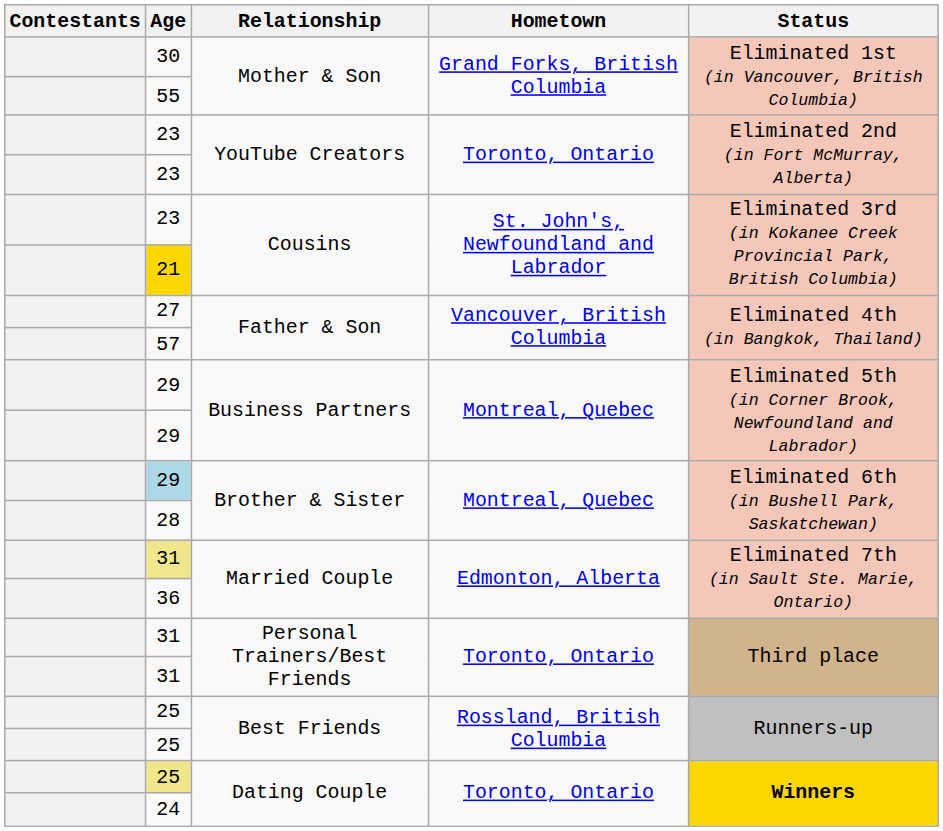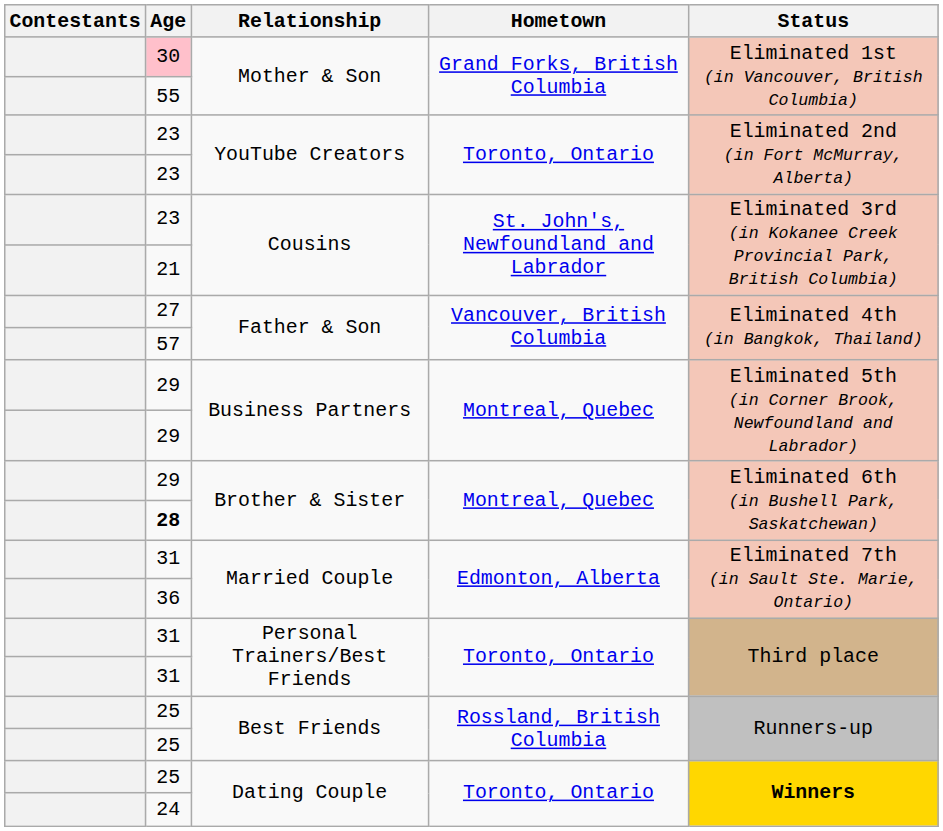 <table class="wikitable sortable" style="text-align:center;">
 <tr>
 <th scope="col">Contestants</th>
 <th scope="col">Age</th>
 <th class="unsortable" scope="col">Relationship</th>
 <th scope="col" class="unsortable">Hometown</th>
 <th scope="col">Status</th>
 </tr>
 <tr>
 <th scope="row"></th>
-<td>30</td>
+<td style="background: pink;">30</td>
 <td rowspan="2">Mother & Son</td>
 <td rowspan="2"><a href='#'>Grand Forks, British Columbia</a></td>
 <td rowspan="2" bgcolor="f4c7b8">Eliminated 1st<br><small><em>(in Vancouver, British Columbia)</em></small></td>
 </tr>
 <tr>
 <th scope="row"></th>
 <td>55</td>
 </tr>
 <tr>
 <th scope="row"></th>
 <td>23</td>
 <td rowspan="2">YouTube Creators</td>
 <td rowspan="2"><a href='#'>Toronto, Ontario</a></td>
 <td rowspan="2" bgcolor="f4c7b8">Eliminated 2nd<br><small><em>(in Fort McMurray, Alberta)</em></small></td>
 </tr>
 <tr>
 <th scope="row"></th>
 <td>23</td>
 </tr>
 <tr>
 <th scope="row"></th>
 <td>23</td>
 <td rowspan="2">Cousins</td>
 <td rowspan="2"><a href='#'>St. John's, Newfoundland and Labrador</a></td>
 <td rowspan="2" bgcolor="f4c7b8">Eliminated 3rd<br><small><em>(in Kokanee Creek Provincial Park,<br>British Columbia)</em></small></td>
 </tr>
 <tr>
 <th scope="row"></th>
-<td style="background: gold;">21</td>
+<td>21</td>
 </tr>
 <tr>
 <th scope="row"></th>
 <td>27</td>
 <td rowspan="2">Father & Son</td>
 <td rowspan="2"><a href='#'>Vancouver, British Columbia</a></td>
 <td rowspan="2" bgcolor="f4c7b8">Eliminated 4th<br><small><em>(in Bangkok, Thailand)</em></small></td>
 </tr>
 <tr>
 <th scope="row"></th>
 <td>57</td>
 </tr>
 <tr>
 <th scope="row"></th>
 <td>29</td>
 <td rowspan="2">Business Partners</td>
 <td rowspan="2"><a href='#'>Montreal, Quebec</a></td>
 <td rowspan="2" bgcolor="f4c7b8">Eliminated 5th<br><small><em>(in Corner Brook, Newfoundland and Labrador)</em></small></td>
 </tr>
 <tr>
 <th scope="row"></th>
 <td>29</td>
 </tr>
 <tr>
 <th scope="row"></th>
-<td style="background: lightblue;">29</td>
+<td>29</td>
 <td rowspan="2">Brother & Sister</td>
 <td rowspan="2"><a href='#'>Montreal, Quebec</a></td>
 <td rowspan="2" bgcolor="f4c7b8">Eliminated 6th<br><small><em>(in Bushell Park, Saskatchewan)</em></small></td>
 </tr>
 <tr>
 <th scope="row"></th>
-<td>28</td>
+<td><strong>28</strong></td>
 </tr>
 <tr>
 <th scope="row"></th>
-<td style="background: khaki;">31</td>
+<td>31</td>
 <td rowspan="2">Married Couple</td>
 <td rowspan="2"><a href='#'>Edmonton, Alberta</a></td>
 <td rowspan="2" bgcolor="f4c7b8">Eliminated 7th<br><small><em>(in Sault Ste. Marie, Ontario)</em></small></td>
 </tr>
 <tr>
 <th scope="row"></th>
 <td>36</td>
 </tr>
 <tr>
 <th scope="row"></th>
 <td>31</td>
 <td rowspan="2">Personal Trainers/Best Friends</td>
 <td rowspan="2"><a href='#'>Toronto, Ontario</a></td>
 <td rowspan="2" bgcolor="tan">Third place</td>
 </tr>
 <tr>
 <th scope="row"></th>
 <td>31</td>
 </tr>
 <tr>
 <th scope="row"></th>
 <td>25</td>
 <td rowspan="2">Best Friends</td>
 <td rowspan="2"><a href='#'>Rossland, British Columbia</a></td>
 <td rowspan="2" bgcolor="silver">Runners-up</td>
 </tr>
 <tr>
 <th scope="row"></th>
 <td>25</td>
 </tr>
 <tr>
 <th scope="row"></th>
-<td style="background: khaki;">25</td>
+<td>25</td>
 <td rowspan="2">Dating Couple</td>
 <td rowspan="2"><a href='#'>Toronto, Ontario</a></td>
 <td rowspan="2" bgcolor="gold"><strong>Winners</strong></td>
 </tr>
 <tr>
 <th scope="row"></th>
 <td>24</td>
 </tr>
 </table>
